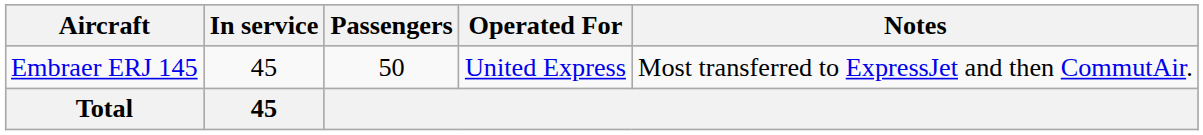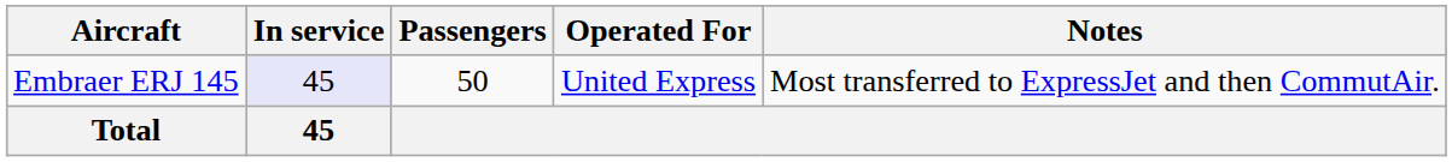 <table class="wikitable" style="border-collapse:collapse;margin:auto;">
 <tr>
 <th>Aircraft</th>
 <th>In service</th>
 <th>Passengers</th>
 <th>Operated For</th>
 <th>Notes</th>
 </tr>
 <tr>
 <td><a href='#'>Embraer ERJ 145</a></td>
-<td align=center>45</td>
+<td align=center style="background: lavender;">45</td>
 <td align=center>50</td>
 <td align=center><a href='#'>United Express</a></td>
 <td>Most transferred to <a href='#'>ExpressJet</a> and then <a href='#'>CommutAir</a>.</td>
 </tr>
 <tr>
 <th>Total</th>
 <th>45</th>
 <th colspan=3></th>
 </tr>
 </table>
